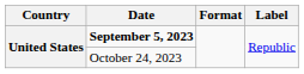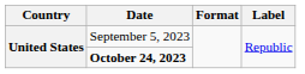 <table class="wikitable plainrowheaders">
 <tr>
 <th scope="col">Country</th>
 <th scope="col">Date</th>
 <th scope="col">Format</th>
 <th scope="col">Label</th>
 </tr>
 <tr>
 <th rowspan="2" scope="row">United States</th>
-<td><strong>September 5, 2023</strong></td>
+<td>September 5, 2023</td>
 <td rowspan="2"></td>
 <td rowspan="2"><a href='#'>Republic</a></td>
 </tr>
 <tr>
-<td>October 24, 2023</td>
+<td><strong>October 24, 2023</strong></td>
 </tr>
 </table>
